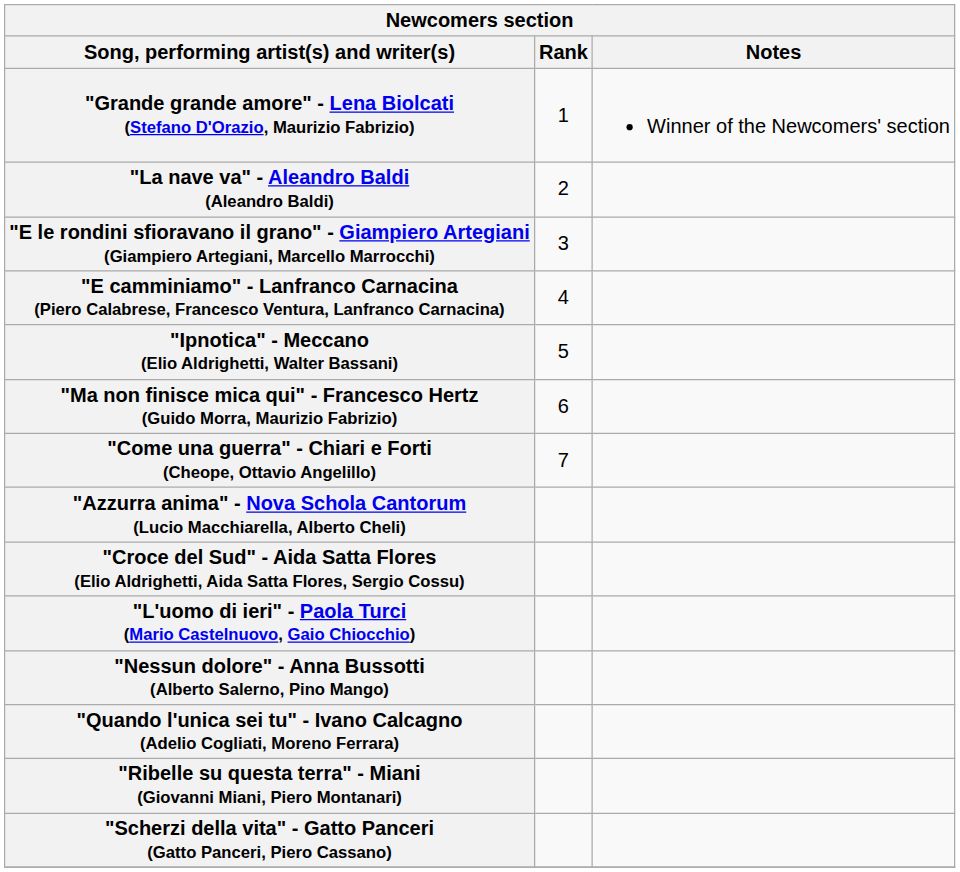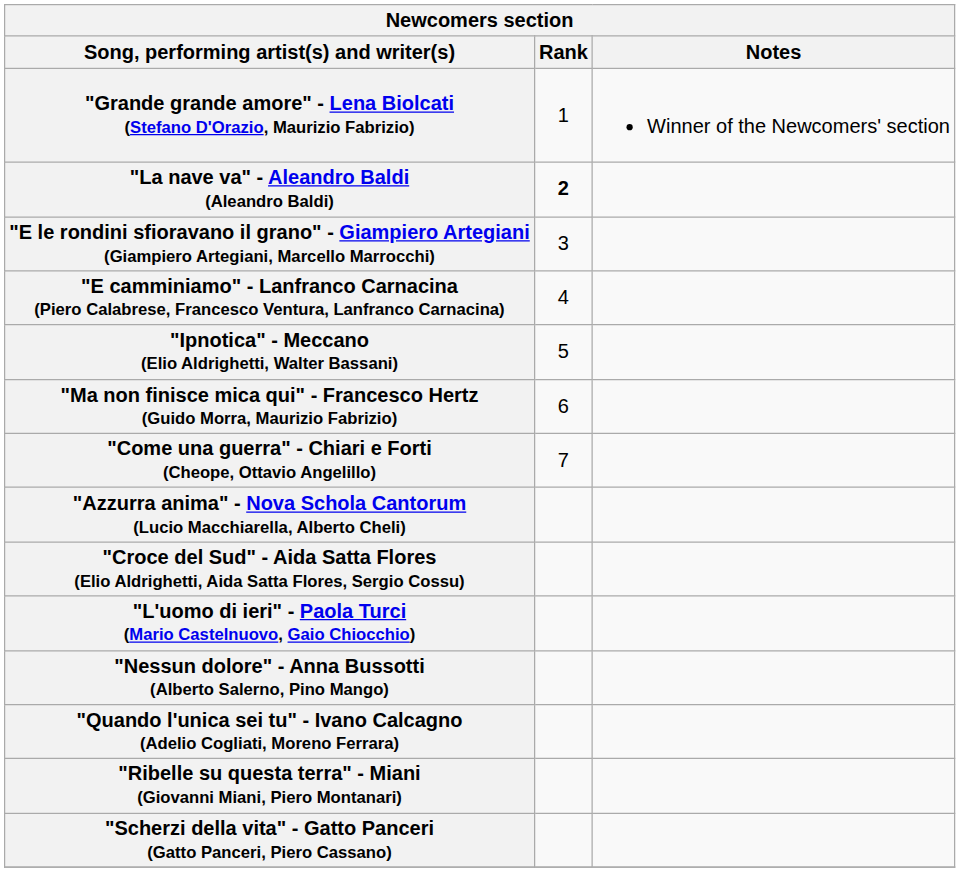 <table class="plainrowheaders wikitable">
 <tr>
 <th colspan="3">Newcomers section </th>
 </tr>
 <tr>
 <th>Song, performing artist(s) and writer(s)</th>
 <th>Rank</th>
 <th>Notes</th>
 </tr>
 <tr>
 <th scope="row">"Grande grande amore" - <a href='#'>Lena Biolcati</a>   <br><small>(<a href='#'>Stefano D'Orazio</a>, Maurizio Fabrizio)</small></th>
 <td style="text-align:center;">1</td>
 <td><br><ul><li>Winner of the Newcomers' section</li></ul></td>
 </tr>
 <tr>
 <th scope="row">"La nave va" - <a href='#'>Aleandro Baldi</a> <br><small>(Aleandro Baldi)</small></th>
-<td style="text-align:center;">2</td>
+<td style="text-align:center;"><strong>2</strong></td>
 <td></td>
 </tr>
 <tr>
 <th scope="row">"E le rondini sfioravano il grano" - <a href='#'>Giampiero Artegiani</a> <br><small>(Giampiero Artegiani, Marcello Marrocchi)</small></th>
 <td style="text-align:center;">3</td>
 <td></td>
 </tr>
 <tr>
 <th scope="row">"E camminiamo" - Lanfranco Carnacina <br><small>(Piero Calabrese, Francesco Ventura, Lanfranco Carnacina)</small></th>
 <td style="text-align:center;">4</td>
 <td></td>
 </tr>
 <tr>
 <th scope="row">"Ipnotica" - Meccano <br><small>(Elio Aldrighetti, Walter Bassani)</small></th>
 <td style="text-align:center;">5</td>
 <td></td>
 </tr>
 <tr>
 <th scope="row">"Ma non finisce mica qui" - Francesco Hertz <br><small>(Guido Morra, Maurizio Fabrizio)</small></th>
 <td style="text-align:center;">6</td>
 <td></td>
 </tr>
 <tr>
 <th scope="row">"Come una guerra" - Chiari e Forti <br><small>(Cheope, Ottavio Angelillo)</small></th>
 <td style="text-align:center;">7</td>
 <td></td>
 </tr>
 <tr>
 <th scope="row">"Azzurra anima" - <a href='#'>Nova Schola Cantorum</a><br><small>(Lucio Macchiarella, Alberto Cheli)</small></th>
 <td></td>
 <td></td>
 </tr>
 <tr>
 <th scope="row">"Croce del Sud" - Aida Satta Flores <br><small>(Elio Aldrighetti, Aida Satta Flores, Sergio Cossu)</small></th>
 <td></td>
 <td></td>
 </tr>
 <tr>
 <th scope="row">"L'uomo di ieri" - <a href='#'>Paola Turci</a> <br><small>(<a href='#'>Mario Castelnuovo</a>, <a href='#'>Gaio Chiocchio</a>)</small></th>
 <td></td>
 <td></td>
 </tr>
 <tr>
 <th scope="row">"Nessun dolore" - Anna Bussotti <br><small>(Alberto Salerno, Pino Mango)</small></th>
 <td></td>
 <td></td>
 </tr>
 <tr>
 <th scope="row">"Quando l'unica sei tu" - Ivano Calcagno<br><small>(Adelio Cogliati, Moreno Ferrara)</small></th>
 <td></td>
 <td></td>
 </tr>
 <tr>
 <th scope="row">"Ribelle su questa terra" -  Miani <br><small>(Giovanni Miani, Piero Montanari)</small></th>
 <td></td>
 <td></td>
 </tr>
 <tr>
 <th scope="row">"Scherzi della vita" - Gatto Panceri <br><small>(Gatto Panceri, Piero Cassano)</small></th>
 <td></td>
 <td></td>
 </tr>
 <tr>
 </tr>
 </table>
